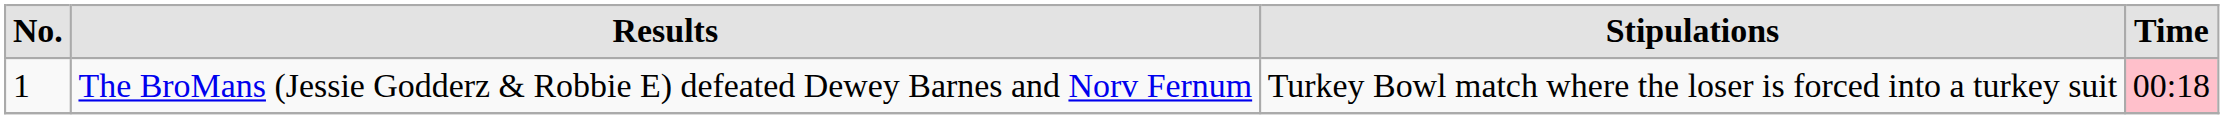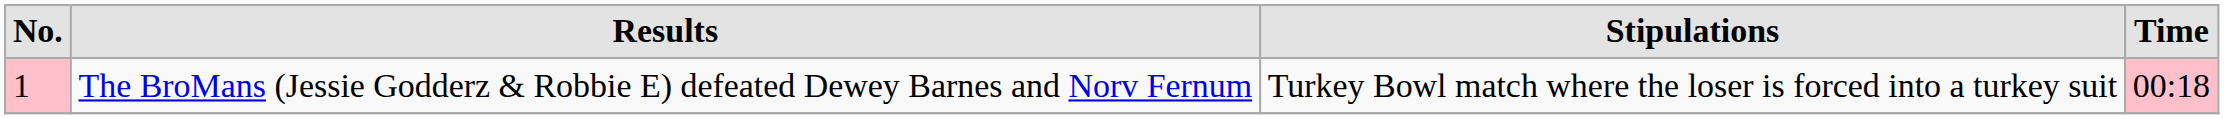 <table style="font-size: 100%; text-align: left;" class="wikitable">
 <tr>
 <th style="border-style: none none solid solid; background: #e3e3e3;"><strong>No.</strong></th>
 <th style="border-style: none none solid solid; background: #e3e3e3;"><strong>Results</strong></th>
 <th style="border-style: none none solid solid; background: #e3e3e3;"><strong>Stipulations</strong></th>
 <th style="border-style: none none solid solid; background: #e3e3e3;"><strong>Time</strong></th>
 </tr>
 <tr>
-<td>1</td>
+<td style="background: pink;">1</td>
 <td><a href='#'>The BroMans</a> (Jessie Godderz & Robbie E) defeated Dewey Barnes and <a href='#'>Norv Fernum</a></td>
 <td>Turkey Bowl match where the loser is forced into a turkey suit</td>
 <td style="background: pink;">00:18</td>
 </tr>
 <tr>
 </tr>
 </table>
